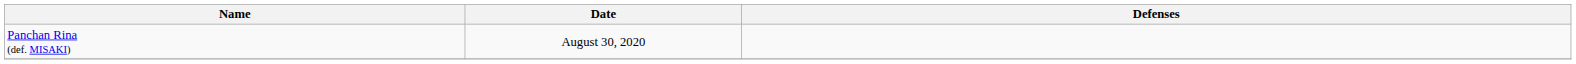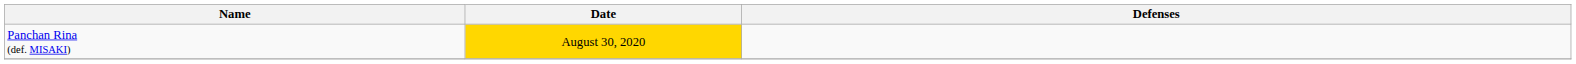 <table class="wikitable" width=100%>
 <tr>
 <th width=25%>Name</th>
 <th width=15%>Date</th>
 <th width=45%>Defenses</th>
 </tr>
 <tr>
 <td align=left> <a href='#'>Panchan Rina</a> <br><small>(def. <a href='#'>MISAKI</a>)</small></td>
-<td align=center>August 30, 2020</td>
+<td align=center style="background: gold;">August 30, 2020</td>
 <td></td>
 </tr>
 <tr>
 </tr>
 </table>
